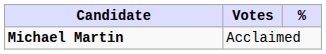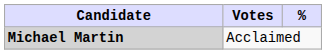 <table class="wikitable">
 <tr>
 <th style="background:#ddf; width:200px;">Candidate</th>
 <th style="background:#ddf; width:50px;">Votes</th>
 <th style="background:#ddf; width:30px;">%</th>
 </tr>
 <tr>
-<td><strong>Michael Martin</strong></td>
+<td style="background: lightgrey;"><strong>Michael Martin</strong></td>
 <td colspan="2">Acclaimed</td>
 </tr>
 </table>
